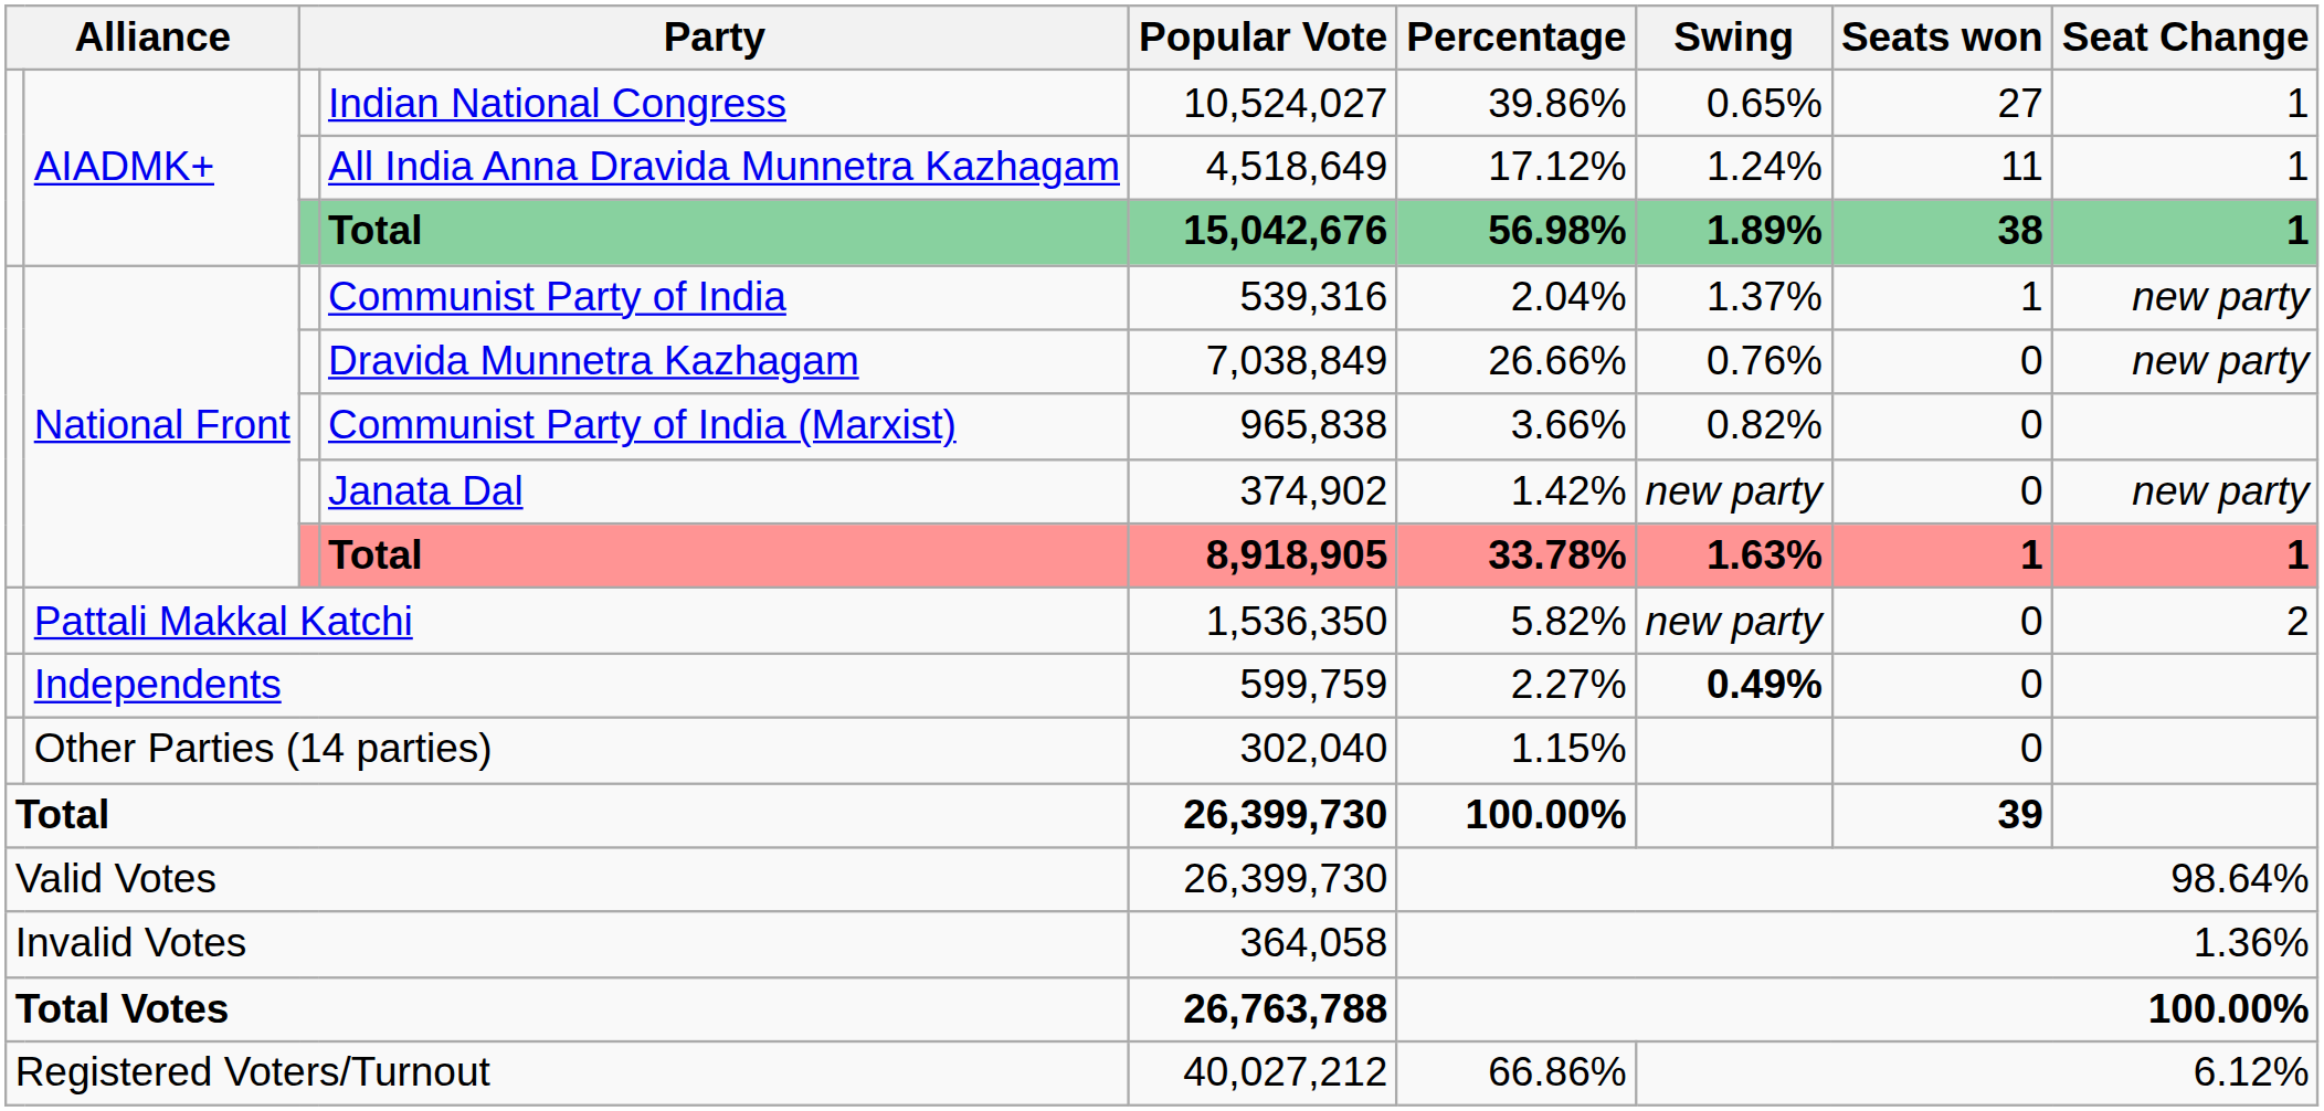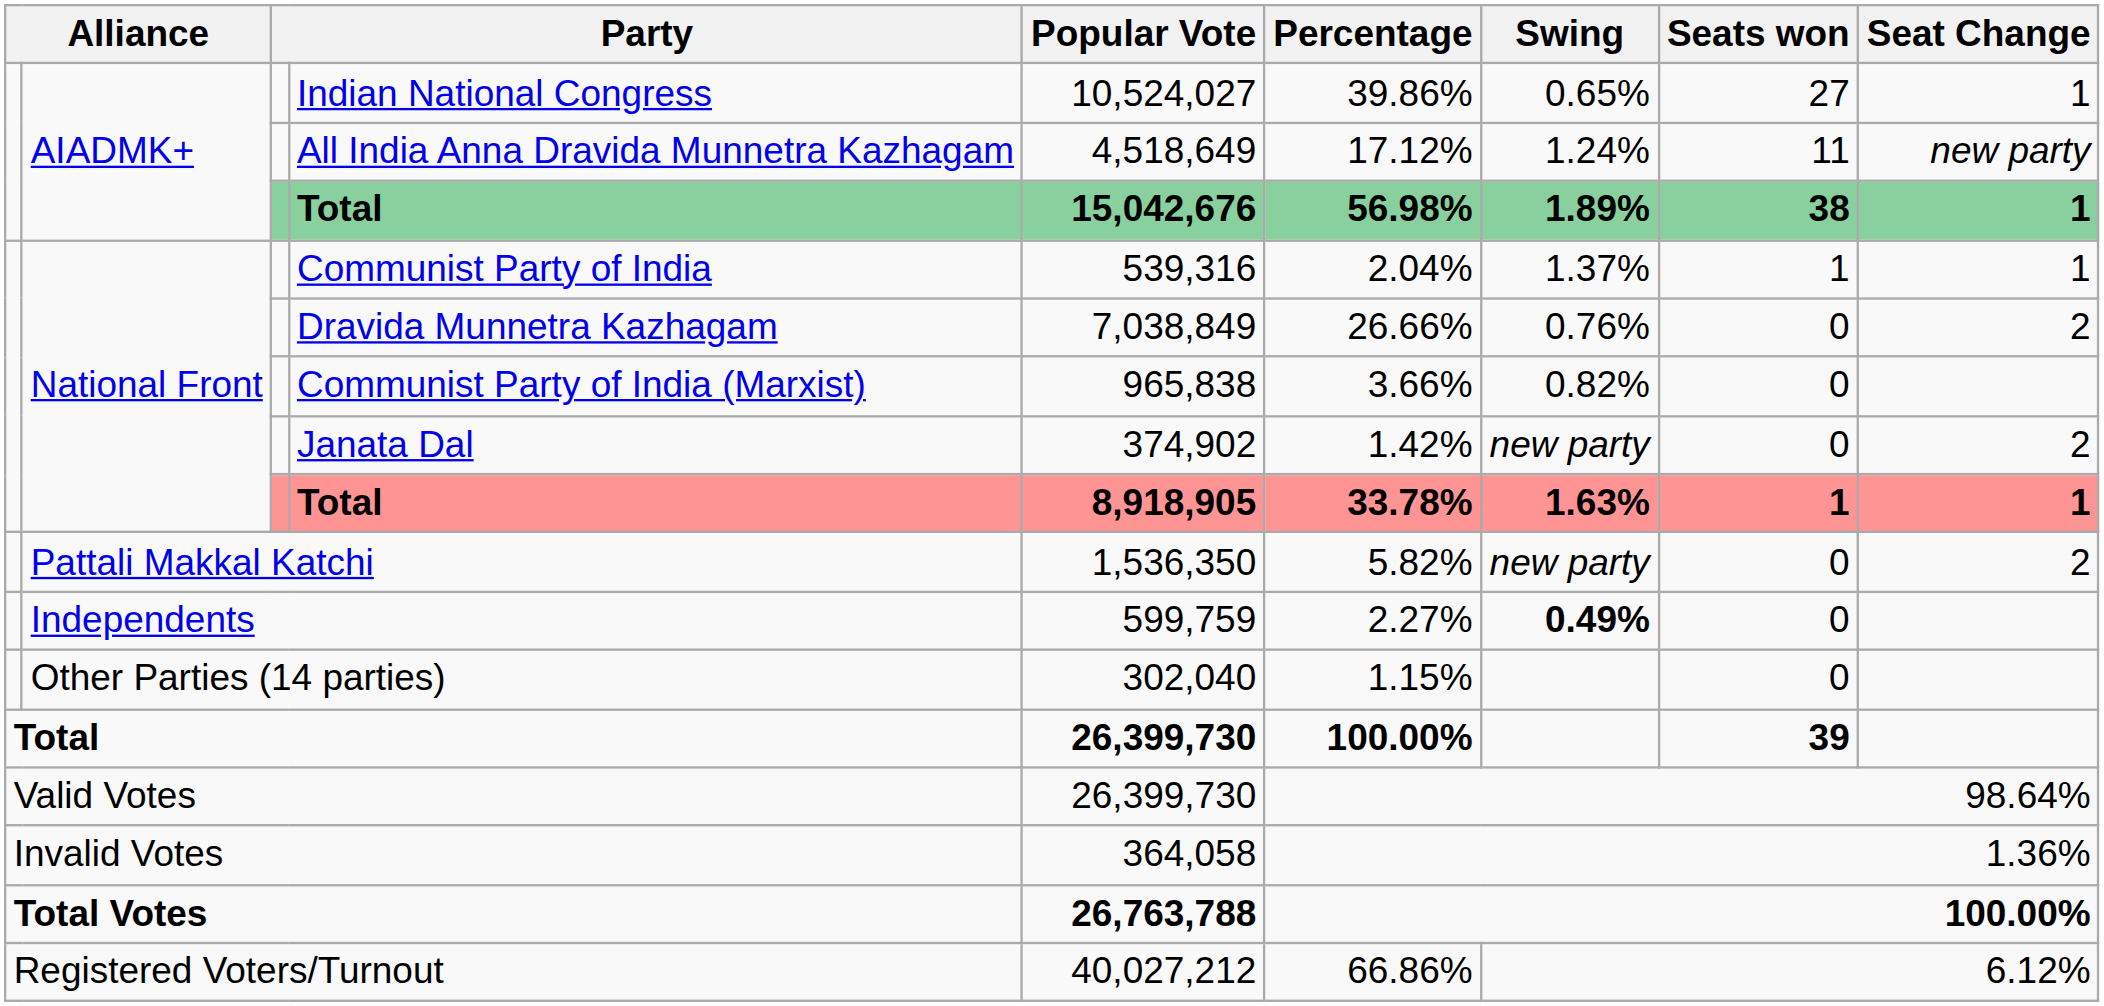 <table class='wikitable'>
 <tr>
 <th colspan="2" align=centre>Alliance</th>
 <th colspan="2" align=centre>Party</th>
 <th align=centre>Popular Vote</th>
 <th align=centre>Percentage</th>
 <th align=centre>Swing</th>
 <th align=centre>Seats won</th>
 <th align=centre>Seat Change</th>
 </tr>
 <tr>
 <td rowspan="3"></td>
 <td rowspan="3"><a href='#'>AIADMK+</a></td>
 <td></td>
 <td><a href='#'>Indian National Congress</a></td>
 <td align=right>10,524,027</td>
 <td align=right>39.86%</td>
 <td align=right>0.65%</td>
 <td align=right>27</td>
 <td align=right>1</td>
 </tr>
 <tr>
 <td></td>
 <td><a href='#'>All India Anna Dravida Munnetra Kazhagam</a></td>
 <td align=right>4,518,649</td>
 <td align=right>17.12%</td>
 <td align=right>1.24%</td>
 <td align=right>11</td>
-<td align=right>1</td>
+<td align=right><em>new party</em></td>
 </tr>
 <tr>
 <td style="background:#88D19F"></td>
 <td style="background:#88D19F" align=left><strong>Total</strong></td>
 <td style="background:#88D19F" align=right><strong>15,042,676</strong></td>
 <td style="background:#88D19F" align=right><strong>56.98%</strong></td>
 <td style="background:#88D19F" align=right><strong>1.89%</strong></td>
 <td style="background:#88D19F" align=right><strong>38</strong></td>
 <td style="background:#88D19F" align=right><strong>1</strong></td>
 </tr>
 <tr>
 <td rowspan="5"></td>
 <td rowspan="5"><a href='#'>National Front</a></td>
 <td></td>
 <td><a href='#'>Communist Party of India</a></td>
 <td align=right>539,316</td>
 <td align=right>2.04%</td>
 <td align=right>1.37%</td>
 <td align=right>1</td>
-<td align=right><em>new party</em></td>
+<td align=right>1</td>
 </tr>
 <tr>
 <td></td>
 <td><a href='#'>Dravida Munnetra Kazhagam</a></td>
 <td align=right>7,038,849</td>
 <td align=right>26.66%</td>
 <td align=right>0.76%</td>
 <td align=right>0</td>
-<td align=right><em>new party</em></td>
+<td align=right>2</td>
 </tr>
 <tr>
 <td></td>
 <td><a href='#'>Communist Party of India (Marxist)</a></td>
 <td align=right>965,838</td>
 <td align=right>3.66%</td>
 <td align=right>0.82%</td>
 <td align=right>0</td>
 <td align=right></td>
 </tr>
 <tr>
 <td></td>
 <td><a href='#'>Janata Dal</a></td>
 <td align=right>374,902</td>
 <td align=right>1.42%</td>
 <td align=right><em>new party</em></td>
 <td align=right>0</td>
-<td align=right><em>new party</em></td>
+<td align=right>2</td>
 </tr>
 <tr>
 <td style="background:#FF9494"></td>
 <td style="background:#FF9494" align=left><strong>Total</strong></td>
 <td style="background:#FF9494" align=right><strong>8,918,905</strong></td>
 <td style="background:#FF9494" align=right><strong>33.78%</strong></td>
 <td style="background:#FF9494" align=right><strong>1.63%</strong></td>
 <td style="background:#FF9494" align=right><strong>1</strong></td>
 <td style="background:#FF9494" align=right><strong>1</strong></td>
 </tr>
 <tr>
 <td></td>
 <td colspan="3" align=left><a href='#'>Pattali Makkal Katchi</a></td>
 <td align=right>1,536,350</td>
 <td align=right>5.82%</td>
 <td align=right><em>new party</em></td>
 <td align=right>0</td>
 <td align=right>2</td>
 </tr>
 <tr>
 <td></td>
 <td colspan="3" align=left><a href='#'>Independents</a></td>
 <td align=right>599,759</td>
 <td align=right>2.27%</td>
 <td align=right><strong>0.49%</strong></td>
 <td align=right>0</td>
 <td align=right></td>
 </tr>
 <tr>
 <td></td>
 <td colspan="3" align=left>Other Parties (14 parties)</td>
 <td align=right>302,040</td>
 <td align=right>1.15%</td>
 <td align=right></td>
 <td align=right>0</td>
 <td align=right></td>
 </tr>
 <tr>
 <td colspan="4" align=left><strong>Total</strong></td>
 <td align=right><strong>26,399,730</strong></td>
 <td align=right><strong>100.00%</strong></td>
 <td align=right></td>
 <td align=right><strong>39</strong></td>
 <td align=right></td>
 </tr>
 <tr>
 <td colspan="4" align=left>Valid Votes</td>
 <td align=right>26,399,730</td>
 <td colspan="4" align=right>98.64%</td>
 </tr>
 <tr>
 <td colspan="4" align=left>Invalid Votes</td>
 <td align=right>364,058</td>
 <td colspan="4" align=right>1.36%</td>
 </tr>
 <tr>
 <td colspan="4" align=left><strong>Total Votes</strong></td>
 <td align=right><strong>26,763,788</strong></td>
 <td colspan="4" align=right><strong>100.00%</strong></td>
 </tr>
 <tr>
 <td colspan="4" align=left>Registered Voters/Turnout</td>
 <td align=right>40,027,212</td>
 <td align=right>66.86%</td>
 <td colspan="3" align=right>6.12%</td>
 </tr>
 </table>
